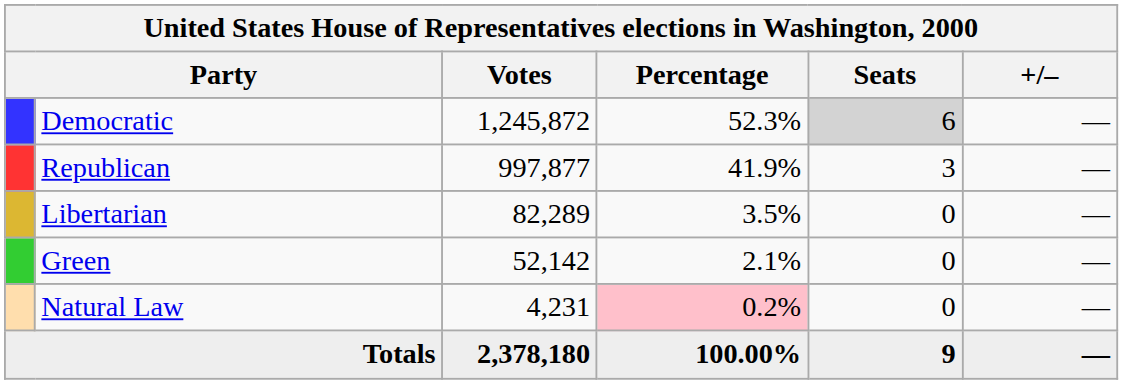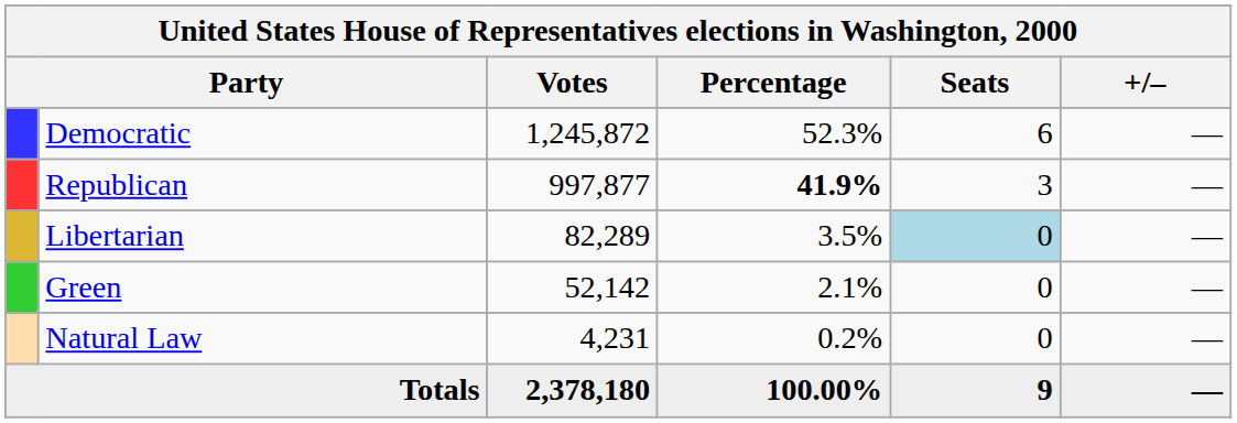 <table class="wikitable" style="font-size: 95%;">
 <tr>
 <th colspan="6">United States House of Representatives elections in Washington, 2000</th>
 </tr>
 <tr>
 <th colspan="2" style="width: 15em">Party</th>
 <th style="width: 5em">Votes</th>
 <th style="width: 7em">Percentage</th>
 <th style="width: 5em">Seats</th>
 <th style="width: 5em">+/–</th>
 </tr>
 <tr>
 <th style="background:#33f; width:3px;"></th>
 <td style="width: 130px"><a href='#'>Democratic</a></td>
 <td style="text-align:right;">1,245,872</td>
 <td style="text-align:right;">52.3%</td>
-<td style="background: lightgrey; text-align:right;">6</td>
+<td style="text-align:right;">6</td>
 <td style="text-align:right;">—</td>
 </tr>
 <tr>
 <th style="background:#f33; width:3px;"></th>
 <td style="width: 130px"><a href='#'>Republican</a></td>
 <td style="text-align:right;">997,877</td>
-<td style="text-align:right;">41.9%</td>
+<td style="text-align:right;"><strong>41.9%</strong></td>
 <td style="text-align:right;">3</td>
 <td style="text-align:right;">—</td>
 </tr>
 <tr>
 <th style="background:#DCB732; width:3px;"></th>
 <td style="width: 130px"><a href='#'>Libertarian</a></td>
 <td style="text-align:right;">82,289</td>
 <td style="text-align:right;">3.5%</td>
-<td style="text-align:right;">0</td>
+<td style="background: lightblue; text-align:right;">0</td>
 <td style="text-align:right;">—</td>
 </tr>
 <tr>
 <th style="background:#32cd32; width:3px;"></th>
 <td style="width: 130px"><a href='#'>Green</a></td>
 <td style="text-align:right;">52,142</td>
 <td style="text-align:right;">2.1%</td>
 <td style="text-align:right;">0</td>
 <td style="text-align:right;">—</td>
 </tr>
 <tr>
 <th style="background:#FFDEAD; width:3px;"></th>
 <td style="width: 130px"><a href='#'>Natural Law</a></td>
 <td style="text-align:right;">4,231</td>
-<td style="background: pink; text-align:right;">0.2%</td>
+<td style="text-align:right;">0.2%</td>
 <td style="text-align:right;">0</td>
 <td style="text-align:right;">—</td>
 </tr>
 <tr style="background:#eee; text-align:right;">
 <td colspan="2"><strong>Totals</strong></td>
 <td><strong>2,378,180</strong></td>
 <td><strong>100.00%</strong></td>
 <td><strong>9</strong></td>
 <td><strong>—</strong></td>
 </tr>
 </table>
